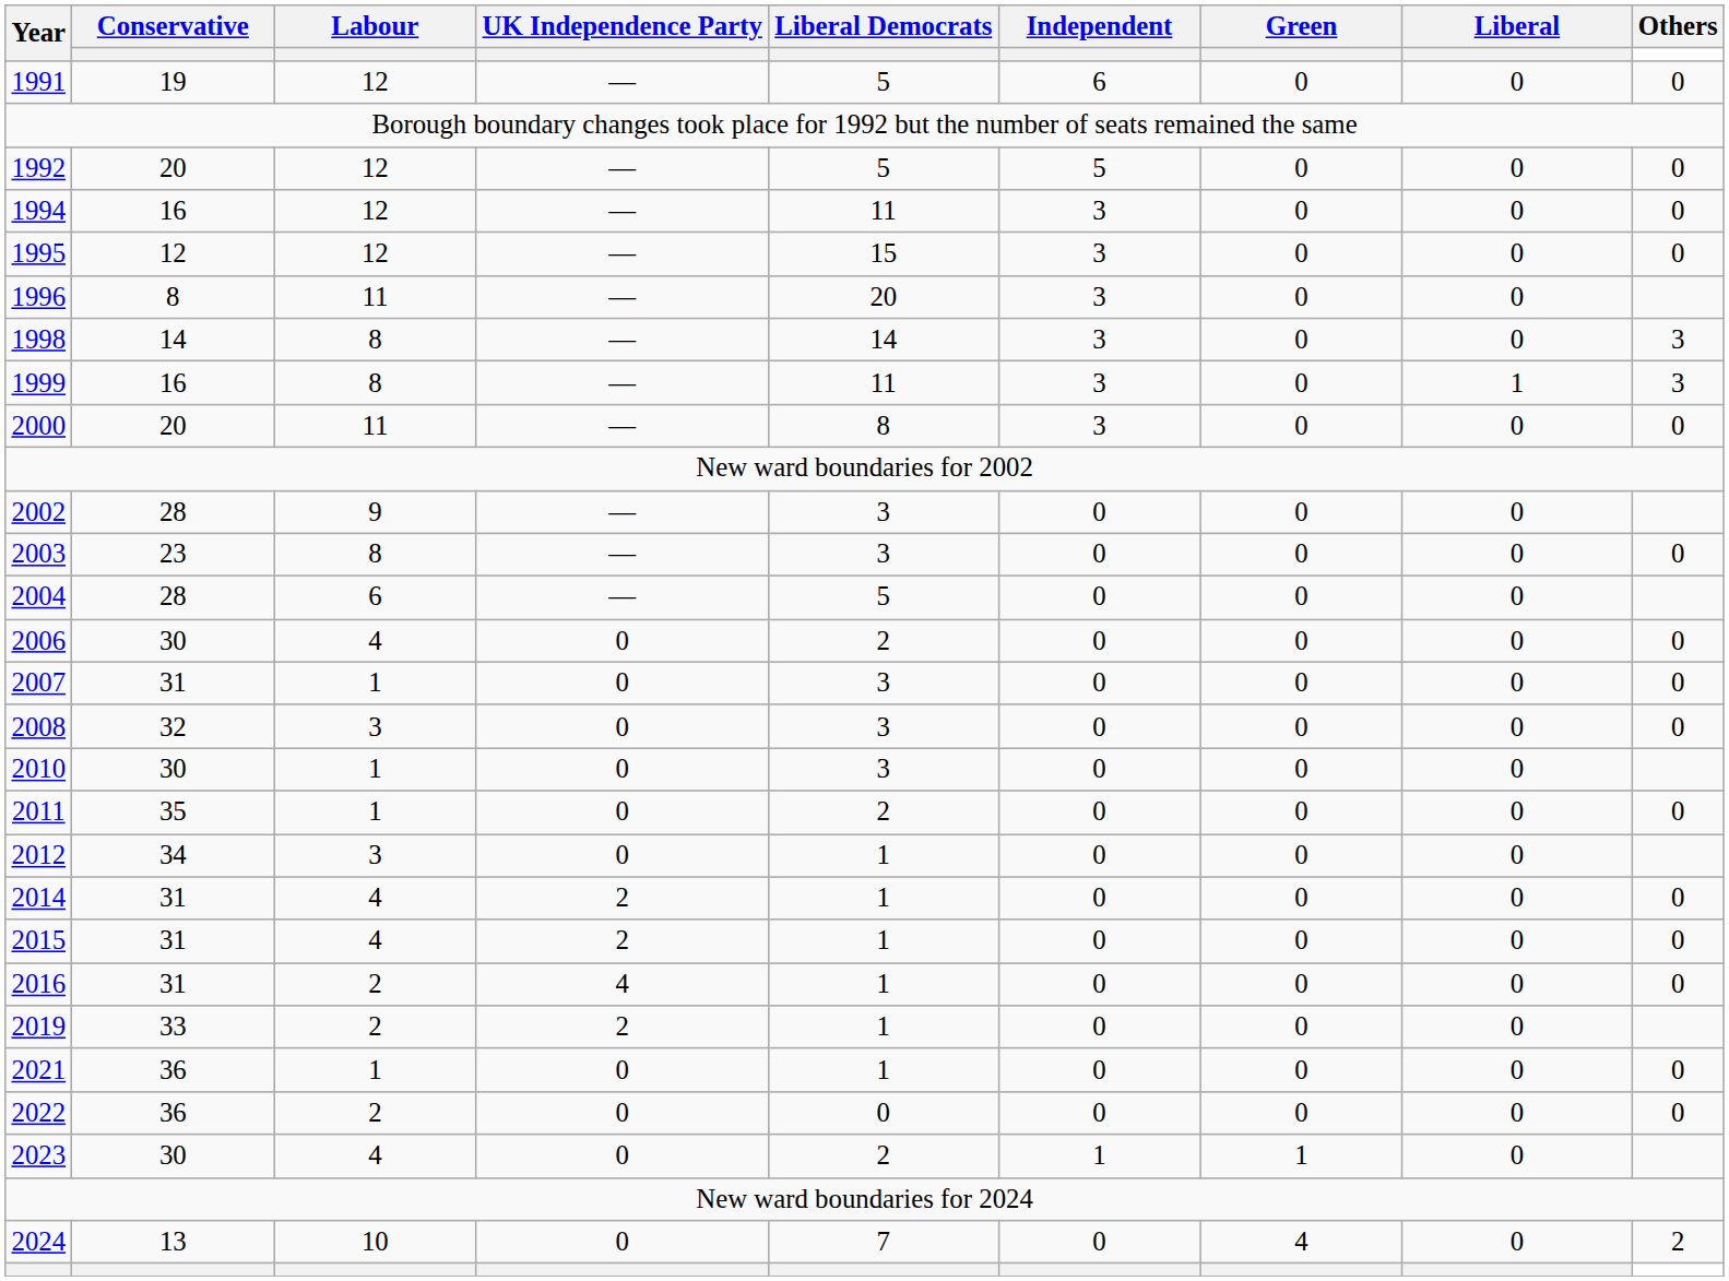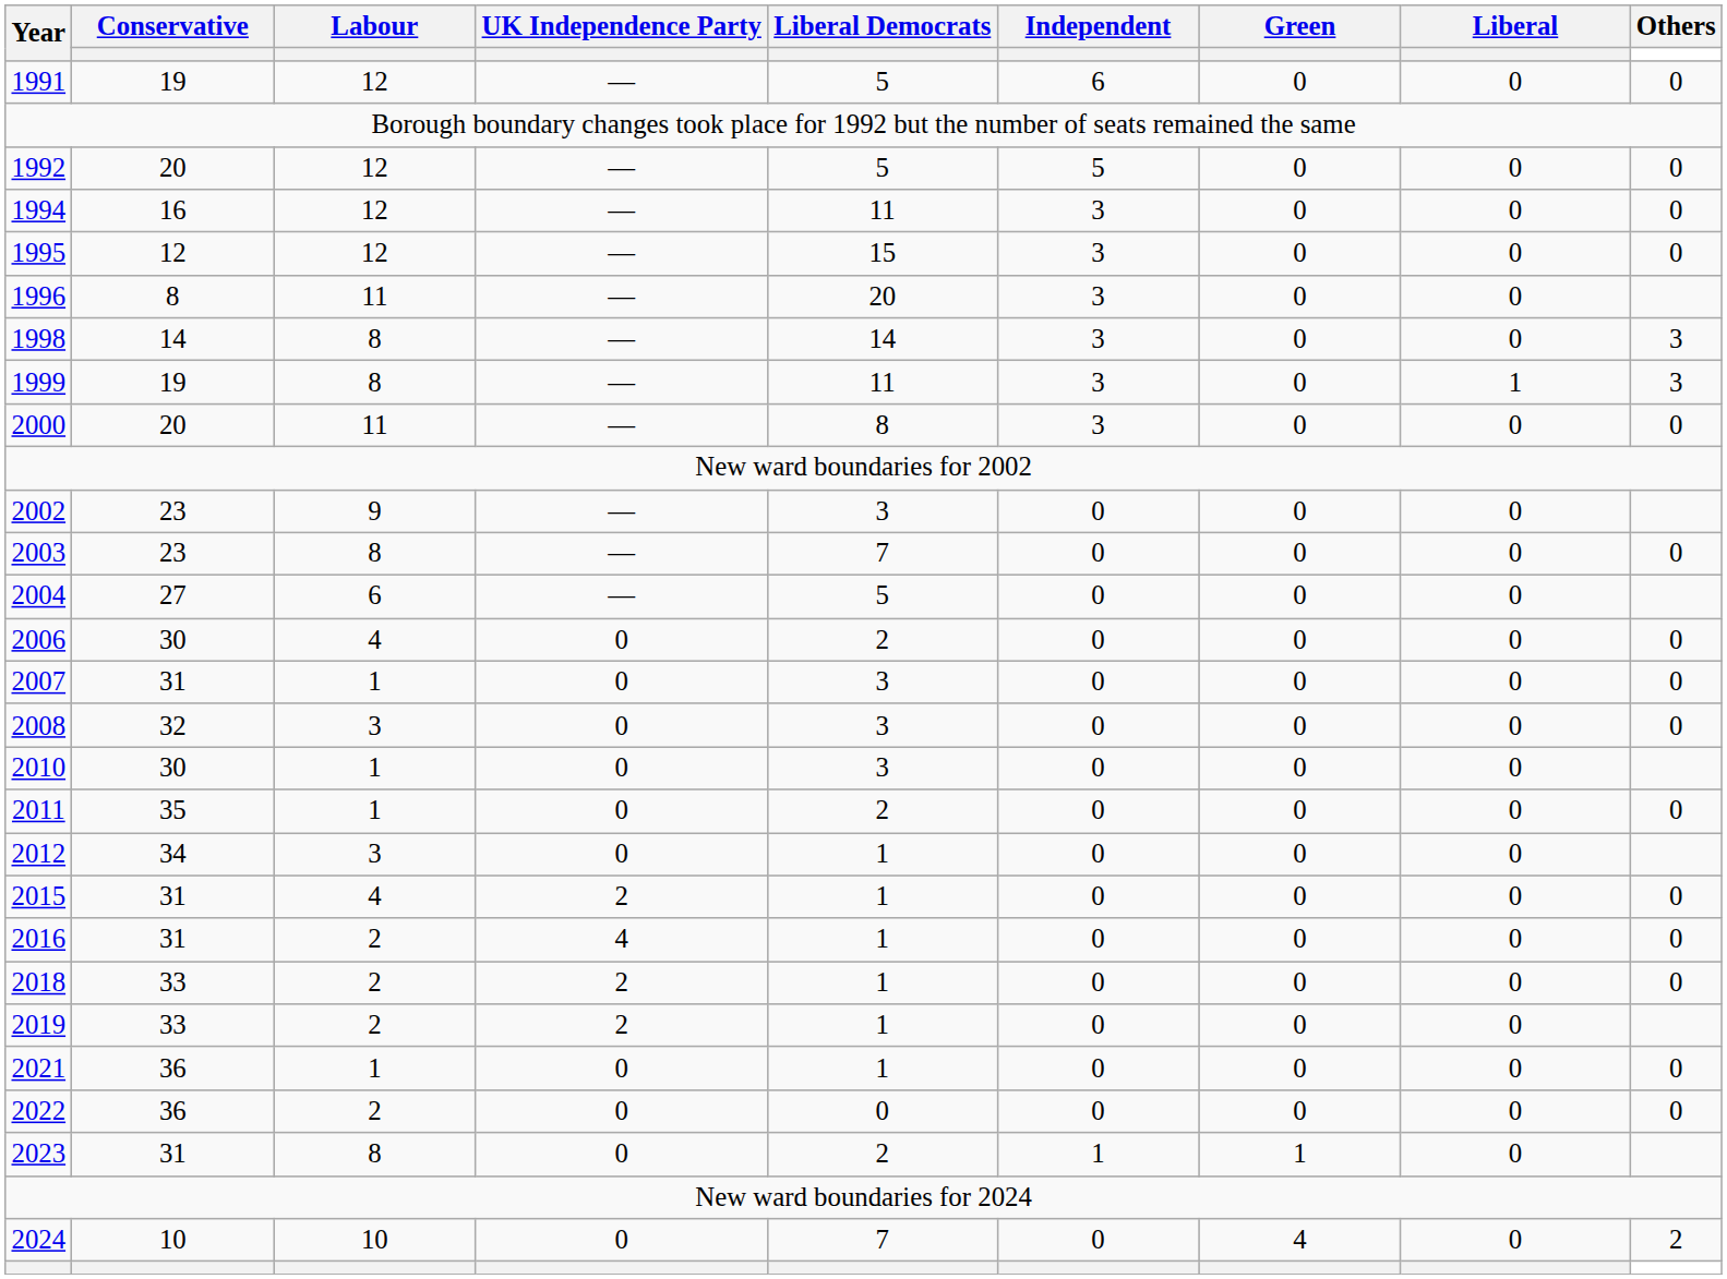 <table class=wikitable style=text-align:center>
 <tr>
 <th rowspan=2>Year</th>
 <th style="width: 7em"><a href='#'>Conservative</a></th>
 <th style="min-width: 7em"><a href='#'>Labour</a></th>
 <th style="min-width: 7em"><a href='#'>UK Independence Party</a></th>
 <th style="min-width: 7em"><a href='#'>Liberal Democrats</a></th>
 <th style="min-width: 7em"><a href='#'>Independent</a></th>
 <th style="min-width: 7em"><a href='#'>Green</a></th>
 <th style="min-width: 8em"><a href='#'>Liberal</a></th>
 <th>Others</th>
 </tr>
 <tr>
 <th style="background-color: "></th>
 <th style="background-color: "></th>
 <th style="background-color: "></th>
 <th style="background-color: "></th>
 <th style="background-color: "></th>
 <th style="background-color: "></th>
 <th style="background-color: "></th>
 <th style="background-color: white; width: 3px;"></th>
 </tr>
 <tr>
 <td><a href='#'>1991</a></td>
 <td>19</td>
 <td>12</td>
 <td>—</td>
 <td>5</td>
 <td>6</td>
 <td>0</td>
 <td>0</td>
 <td>0</td>
 </tr>
 <tr>
 <td colspan="9">Borough boundary changes took place for 1992 but the number of seats remained the same</td>
 </tr>
 <tr>
 <td><a href='#'>1992</a><br></td>
 <td>20</td>
 <td>12</td>
 <td>—</td>
 <td>5</td>
 <td>5</td>
 <td>0</td>
 <td>0</td>
 <td>0</td>
 </tr>
 <tr>
 <td><a href='#'>1994</a></td>
 <td>16</td>
 <td>12</td>
 <td>—</td>
 <td>11</td>
 <td>3</td>
 <td>0</td>
 <td>0</td>
 <td>0</td>
 </tr>
 <tr>
 <td><a href='#'>1995</a></td>
 <td>12</td>
 <td>12</td>
 <td>—</td>
 <td>15</td>
 <td>3</td>
 <td>0</td>
 <td>0</td>
 <td>0</td>
 </tr>
 <tr>
 <td><a href='#'>1996</a></td>
 <td>8</td>
 <td>11</td>
 <td>—</td>
 <td>20</td>
 <td>3</td>
 <td>0</td>
 <td>0</td>
 </tr>
 <tr>
 <td><a href='#'>1998</a></td>
 <td>14</td>
 <td>8</td>
 <td>—</td>
 <td>14</td>
 <td>3</td>
 <td>0</td>
 <td>0</td>
 <td>3</td>
 </tr>
 <tr>
 <td><a href='#'>1999</a></td>
-<td>16</td>
+<td>19</td>
 <td>8</td>
 <td>—</td>
 <td>11</td>
 <td>3</td>
 <td>0</td>
 <td>1</td>
 <td>3</td>
 </tr>
 <tr>
 <td><a href='#'>2000</a></td>
 <td>20</td>
 <td>11</td>
 <td>—</td>
 <td>8</td>
 <td>3</td>
 <td>0</td>
 <td>0</td>
 <td>0</td>
 </tr>
 <tr>
 <td colspan="9">New ward boundaries for 2002</td>
 </tr>
 <tr>
 <td><a href='#'>2002</a></td>
-<td>28</td>
+<td>23</td>
 <td>9</td>
 <td>—</td>
 <td>3</td>
 <td>0</td>
 <td>0</td>
 <td>0</td>
 </tr>
 <tr>
 <td><a href='#'>2003</a></td>
 <td>23</td>
 <td>8</td>
 <td>—</td>
-<td>3</td>
+<td>7</td>
 <td>0</td>
 <td>0</td>
 <td>0</td>
 <td>0</td>
 </tr>
 <tr>
 <td><a href='#'>2004</a></td>
-<td>28</td>
+<td>27</td>
 <td>6</td>
 <td>—</td>
 <td>5</td>
 <td>0</td>
 <td>0</td>
 <td>0</td>
 </tr>
 <tr>
 <td><a href='#'>2006</a></td>
 <td>30</td>
 <td>4</td>
 <td>0</td>
 <td>2</td>
 <td>0</td>
 <td>0</td>
 <td>0</td>
 <td>0</td>
 </tr>
 <tr>
 <td><a href='#'>2007</a></td>
 <td>31</td>
 <td>1</td>
 <td>0</td>
 <td>3</td>
 <td>0</td>
 <td>0</td>
 <td>0</td>
 <td>0</td>
 </tr>
 <tr>
 <td><a href='#'>2008</a></td>
 <td>32</td>
 <td>3</td>
 <td>0</td>
 <td>3</td>
 <td>0</td>
 <td>0</td>
 <td>0</td>
 <td>0</td>
 </tr>
 <tr>
 <td><a href='#'>2010</a></td>
 <td>30</td>
 <td>1</td>
 <td>0</td>
 <td>3</td>
 <td>0</td>
 <td>0</td>
 <td>0</td>
 </tr>
 <tr>
 <td><a href='#'>2011</a></td>
 <td>35</td>
 <td>1</td>
 <td>0</td>
 <td>2</td>
 <td>0</td>
 <td>0</td>
 <td>0</td>
 <td>0</td>
 </tr>
 <tr>
 <td><a href='#'>2012</a></td>
 <td>34</td>
 <td>3</td>
 <td>0</td>
 <td>1</td>
 <td>0</td>
 <td>0</td>
 <td>0</td>
 </tr>
 <tr>
-<td><a href='#'>2014</a></td>
-<td>31</td>
-<td>4</td>
-<td>2</td>
-<td>1</td>
-<td>0</td>
-<td>0</td>
-<td>0</td>
-<td>0</td>
-</tr>
-<tr>
 <td><a href='#'>2015</a></td>
 <td>31</td>
 <td>4</td>
 <td>2</td>
 <td>1</td>
 <td>0</td>
 <td>0</td>
 <td>0</td>
 <td>0</td>
 </tr>
 <tr>
 <td><a href='#'>2016</a></td>
 <td>31</td>
 <td>2</td>
 <td>4</td>
+<td>1</td>
+<td>0</td>
+<td>0</td>
+<td>0</td>
+<td>0</td>
+</tr>
+<tr>
+<td><a href='#'>2018</a></td>
+<td>33</td>
+<td>2</td>
+<td>2</td>
 <td>1</td>
 <td>0</td>
 <td>0</td>
 <td>0</td>
 <td>0</td>
 </tr>
 <tr>
 <td><a href='#'>2019</a></td>
 <td>33</td>
 <td>2</td>
 <td>2</td>
 <td>1</td>
 <td>0</td>
 <td>0</td>
 <td>0</td>
 </tr>
 <tr>
 <td><a href='#'>2021</a></td>
 <td>36</td>
 <td>1</td>
 <td>0</td>
 <td>1</td>
 <td>0</td>
 <td>0</td>
 <td>0</td>
 <td>0</td>
 </tr>
 <tr>
 <td><a href='#'>2022</a></td>
 <td>36</td>
 <td>2</td>
 <td>0</td>
 <td>0</td>
 <td>0</td>
 <td>0</td>
 <td>0</td>
 <td>0</td>
 </tr>
 <tr>
 <td><a href='#'>2023</a></td>
-<td>30</td>
-<td>4</td>
+<td>31</td>
+<td>8</td>
 <td>0</td>
 <td>2</td>
 <td>1</td>
 <td>1</td>
 <td>0</td>
 </tr>
 <tr>
 <td colspan="9">New ward boundaries for 2024</td>
 </tr>
 <tr>
 <td><a href='#'>2024</a></td>
-<td>13</td>
+<td>10</td>
 <td>10</td>
 <td>0</td>
 <td>7</td>
 <td>0</td>
 <td>4</td>
 <td>0</td>
 <td>2</td>
 </tr>
 <tr>
 <th></th>
 <th style="background-color: "></th>
 <th style="background-color: "></th>
 <th style="background-color: "></th>
 <th style="background-color: "></th>
 <th style="background-color: "></th>
 <th style="background-color: "></th>
 <th style="background-color: "></th>
 <th style="background-color: white; width: 3px;"></th>
 </tr>
 </table>
